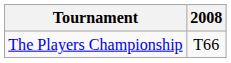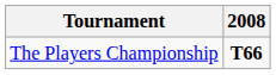 <table class="wikitable" style="font-size:95%;text-align:center;">
 <tr>
 <th>Tournament</th>
 <th>2008</th>
 </tr>
 <tr>
 <td align=left><a href='#'>The Players Championship</a></td>
-<td>T66</td>
+<td><strong>T66</strong></td>
 </tr>
 </table>
